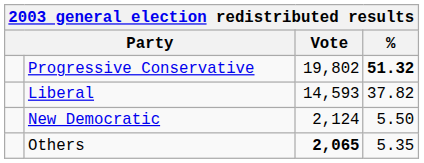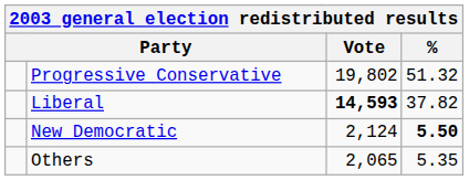 <table class="wikitable">
 <tr>
 <th colspan="4"><a href='#'>2003 general election</a> redistributed results</th>
 </tr>
 <tr>
 <th bgcolor="#DDDDFF" width="130px" colspan="2">Party</th>
 <th bgcolor="#DDDDFF" width="50px">Vote</th>
 <th bgcolor="#DDDDFF" width="30px">%</th>
 </tr>
 <tr>
 <td> </td>
 <td><a href='#'>Progressive Conservative</a></td>
 <td align=right>19,802</td>
-<td align=right><strong>51.32</strong></td>
+<td align=right>51.32</td>
 </tr>
 <tr>
 <td> </td>
 <td><a href='#'>Liberal</a></td>
-<td align=right>14,593</td>
+<td align=right><strong>14,593</strong></td>
 <td align=right>37.82</td>
 </tr>
 <tr>
 <td> </td>
 <td><a href='#'>New Democratic</a></td>
 <td align=right>2,124</td>
-<td align=right>5.50</td>
+<td align=right><strong>5.50</strong></td>
 </tr>
 <tr>
 <td> </td>
 <td>Others</td>
-<td align=right><strong>2,065</strong></td>
+<td align=right>2,065</td>
 <td align=right>5.35</td>
 </tr>
 </table>
